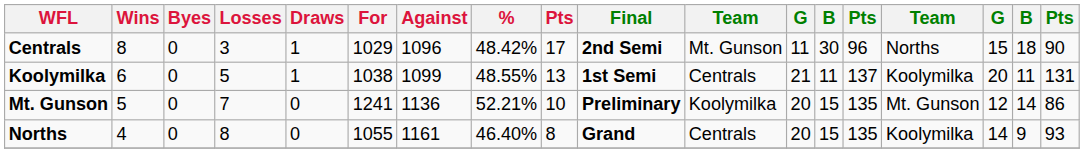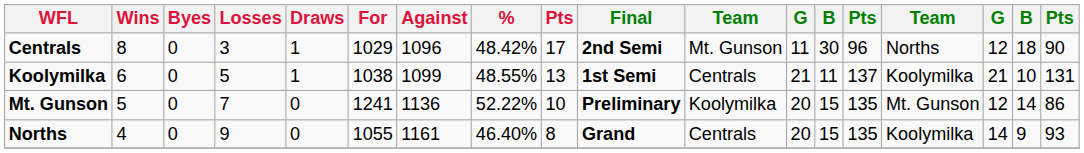 <table class="wikitable">
 <tr>
 <th style="color:crimson">WFL</th>
 <th style="color:crimson">Wins</th>
 <th style="color:crimson">Byes</th>
 <th style="color:crimson">Losses</th>
 <th style="color:crimson">Draws</th>
 <th style="color:crimson">For</th>
 <th style="color:crimson">Against</th>
 <th style="color:crimson">%</th>
 <th style="color:crimson">Pts</th>
 <th style="color:green">Final</th>
 <th style="color:green">Team</th>
 <th style="color:green">G</th>
 <th style="color:green">B</th>
 <th style="color:green">Pts</th>
 <th style="color:green">Team</th>
 <th style="color:green">G</th>
 <th style="color:green">B</th>
 <th style="color:green">Pts</th>
 </tr>
 <tr>
 <td><strong>	Centrals	</strong></td>
 <td>8</td>
 <td>0</td>
 <td>3</td>
 <td>1</td>
 <td>1029</td>
 <td>1096</td>
 <td>48.42%</td>
 <td>17</td>
 <td><strong>2nd Semi</strong></td>
 <td>Mt. Gunson</td>
 <td>11</td>
 <td>30</td>
 <td>96</td>
 <td>Norths</td>
-<td>15</td>
+<td>12</td>
 <td>18</td>
 <td>90</td>
 </tr>
 <tr>
 <td><strong>	Koolymilka	</strong></td>
 <td>6</td>
 <td>0</td>
 <td>5</td>
 <td>1</td>
 <td>1038</td>
 <td>1099</td>
 <td>48.55%</td>
 <td>13</td>
 <td><strong>1st Semi</strong></td>
 <td>Centrals</td>
 <td>21</td>
 <td>11</td>
 <td>137</td>
 <td>Koolymilka</td>
-<td>20</td>
-<td>11</td>
+<td>21</td>
+<td>10</td>
 <td>131</td>
 </tr>
 <tr>
 <td><strong>	Mt. Gunson	</strong></td>
 <td>5</td>
 <td>0</td>
 <td>7</td>
 <td>0</td>
 <td>1241</td>
 <td>1136</td>
-<td>52.21%</td>
+<td>52.22%</td>
 <td>10</td>
 <td><strong>Preliminary</strong></td>
 <td>Koolymilka</td>
 <td>20</td>
 <td>15</td>
 <td>135</td>
 <td>Mt. Gunson</td>
 <td>12</td>
 <td>14</td>
 <td>86</td>
 </tr>
 <tr>
 <td><strong>	Norths	</strong></td>
 <td>4</td>
 <td>0</td>
-<td>8</td>
+<td>9</td>
 <td>0</td>
 <td>1055</td>
 <td>1161</td>
 <td>46.40%</td>
 <td>8</td>
 <td><strong>Grand</strong></td>
 <td>Centrals</td>
 <td>20</td>
 <td>15</td>
 <td>135</td>
 <td>Koolymilka</td>
 <td>14</td>
 <td>9</td>
 <td>93</td>
 </tr>
 <tr>
 </tr>
 </table>
